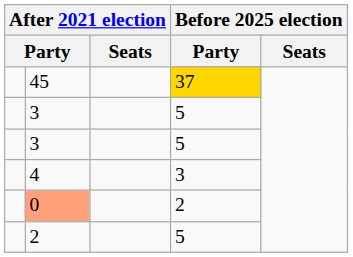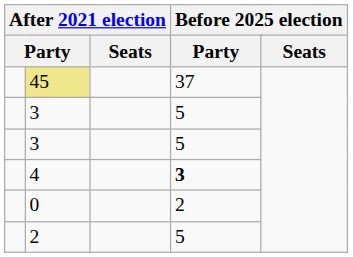 <table class="wikitable">
 <tr>
 <th colspan="3">After <a href='#'>2021 election</a></th>
 <th colspan="3">Before 2025 election</th>
 </tr>
 <tr>
 <th colspan="2">Party</th>
 <th>Seats</th>
 <th colspan="2">Party</th>
 <th>Seats</th>
 </tr>
 <tr>
 <td></td>
-<td>45</td>
+<td style="background: khaki;">45</td>
 <td></td>
-<td style="background: gold;">37</td>
+<td>37</td>
 </tr>
 <tr>
 <td></td>
 <td>3</td>
 <td></td>
 <td>5</td>
 </tr>
 <tr>
 <td></td>
 <td>3</td>
 <td></td>
 <td>5</td>
 </tr>
 <tr>
 <td></td>
 <td>4</td>
 <td></td>
-<td>3</td>
+<td><strong>3</strong></td>
 </tr>
 <tr>
 <td></td>
-<td style="background: lightsalmon;">0</td>
+<td>0</td>
 <td></td>
 <td>2</td>
 </tr>
 <tr>
 <td></td>
 <td>2</td>
 <td></td>
 <td>5</td>
 </tr>
 </table>
